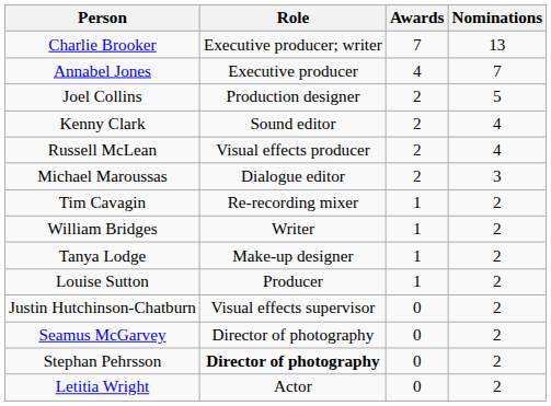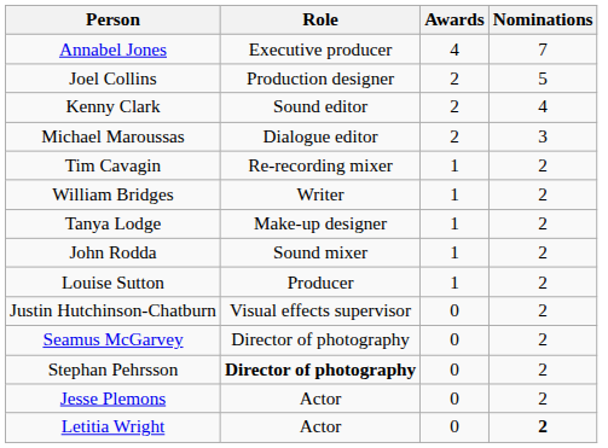 <table class="wikitable sortable" style="text-align:center; summary:Awards and nominations (columns) by person and role (rows). Executive producer Charlie Brooker has won four awards from nine nominations and production designers Joel Collins has won two awards from five nominations.">
 <tr bgcolor="#CCCCCC">
 <th scope="col">Person</th>
 <th scope="col">Role</th>
 <th scope="col">Awards</th>
 <th scope="col">Nominations</th>
-</tr>
-<tr>
-<td><a href='#'>Charlie Brooker</a></td>
-<td>Executive producer; writer</td>
-<td>7</td>
-<td>13</td>
 </tr>
 <tr>
 <td><a href='#'>Annabel Jones</a></td>
 <td>Executive producer</td>
 <td>4</td>
 <td>7</td>
 </tr>
 <tr>
 <td>Joel Collins</td>
 <td>Production designer</td>
 <td>2</td>
 <td>5</td>
 </tr>
 <tr>
 <td>Kenny Clark</td>
 <td>Sound editor</td>
-<td>2</td>
-<td>4</td>
-</tr>
-<tr>
-<td>Russell McLean</td>
-<td>Visual effects producer</td>
 <td>2</td>
 <td>4</td>
 </tr>
 <tr>
 <td>Michael Maroussas</td>
 <td>Dialogue editor</td>
 <td>2</td>
 <td>3</td>
 </tr>
 <tr>
 <td>Tim Cavagin</td>
 <td>Re-recording mixer</td>
 <td>1</td>
 <td>2</td>
 </tr>
 <tr>
 <td>William Bridges</td>
 <td>Writer</td>
 <td>1</td>
 <td>2</td>
 </tr>
 <tr>
 <td>Tanya Lodge</td>
 <td>Make-up designer</td>
 <td>1</td>
 <td>2</td>
 </tr>
 <tr>
+<td>John Rodda</td>
+<td>Sound mixer</td>
+<td>1</td>
+<td>2</td>
+</tr>
+<tr>
 <td>Louise Sutton</td>
 <td>Producer</td>
 <td>1</td>
 <td>2</td>
 </tr>
 <tr>
 <td>Justin Hutchinson-Chatburn</td>
 <td>Visual effects supervisor</td>
 <td>0</td>
 <td>2</td>
 </tr>
 <tr>
 <td><a href='#'>Seamus McGarvey</a></td>
 <td>Director of photography</td>
 <td>0</td>
 <td>2</td>
 </tr>
 <tr>
 <td>Stephan Pehrsson</td>
 <td><strong>Director of photography</strong></td>
 <td>0</td>
 <td>2</td>
 </tr>
 <tr>
-<td><a href='#'>Letitia Wright</a></td>
+<td><a href='#'>Jesse Plemons</a></td>
 <td>Actor</td>
 <td>0</td>
 <td>2</td>
 </tr>
+<tr>
+<td><a href='#'>Letitia Wright</a></td>
+<td>Actor</td>
+<td>0</td>
+<td><strong>2</strong></td>
+</tr>
 </table>
